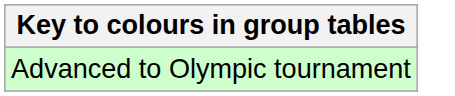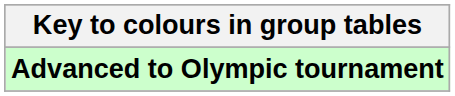 <table class="wikitable">
 <tr>
 <th>Key to colours in group tables</th>
 </tr>
 <tr style="background:#cfc;">
-<td>Advanced to Olympic tournament</td>
+<td><strong>Advanced to Olympic tournament</strong></td>
 </tr>
 </table>
